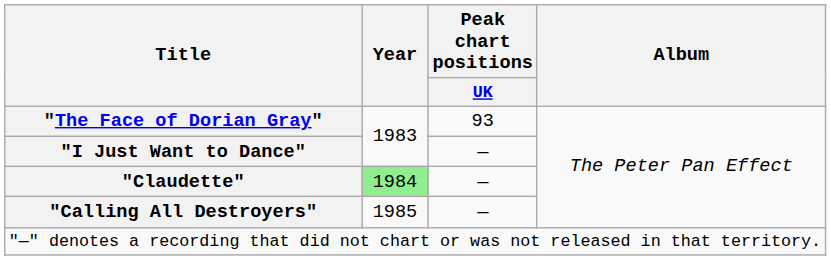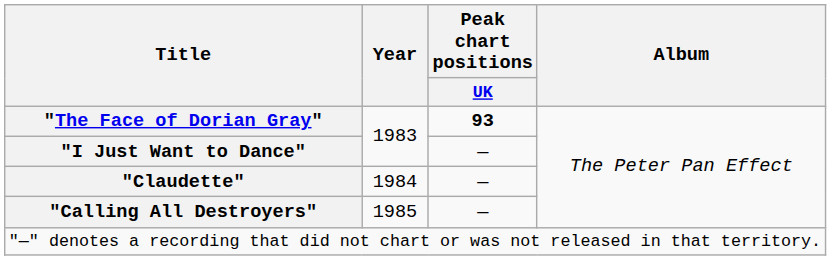 <table class="wikitable plainrowheaders" style="text-align:center;">
 <tr>
 <th scope="col" rowspan="2">Title</th>
 <th scope="col" rowspan="2">Year</th>
 <th scope="col">Peak chart positions</th>
 <th scope="col" rowspan="2">Album</th>
 </tr>
 <tr>
 <th scope="col" style="width:2.5em;font-size:90%;"><a href='#'>UK</a><br></th>
 </tr>
 <tr>
 <th scope="row">"<a href='#'>The Face of Dorian Gray</a>"</th>
 <td rowspan="2">1983</td>
-<td>93</td>
+<td><strong>93</strong></td>
 <td rowspan="4"><em>The Peter Pan Effect</em></td>
 </tr>
 <tr>
 <th scope="row">"I Just Want to Dance"</th>
 <td>—</td>
 </tr>
 <tr>
 <th scope="row">"Claudette"</th>
-<td style="background: lightgreen;">1984</td>
+<td>1984</td>
 <td>—</td>
 </tr>
 <tr>
 <th scope="row">"Calling All Destroyers"</th>
 <td>1985</td>
 <td>—</td>
 </tr>
 <tr>
 <td colspan="4" style="font-size:90%">"—" denotes a recording that did not chart or was not released in that territory.</td>
 </tr>
 </table>
